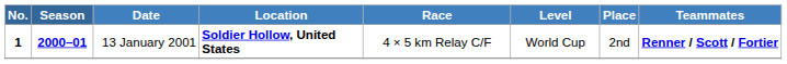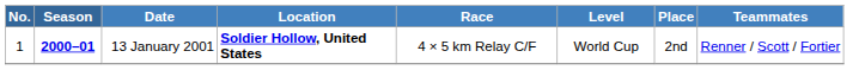 <table class="wikitable sortable" style="font-size:95%; text-align:center; border:grey solid 1px; border-collapse:collapse; background:#ffffff;">
 <tr style="background:#efefef;">
 <th style="background-color:#369; color:white;">No.</th>
 <th style="background-color:#369; color:white;">Season</th>
 <th style="background-color:#4180be; color:white; width:120px;">Date</th>
 <th style="background-color:#4180be; color:white; width:190px;">Location</th>
 <th style="background-color:#4180be; color:white; width:170px;">Race</th>
 <th style="background-color:#4180be; color:white; width:100px;">Level</th>
 <th style="background-color:#4180be; color:white;">Place</th>
 <th style="background-color:#4180be; color:white;">Teammates</th>
 </tr>
 <tr>
-<td align=center><strong>1</strong></td>
+<td align=center>1</td>
 <td rowspan=1 align=center><strong> <a href='#'>2000–01</a> </strong></td>
 <td align=right>13 January 2001</td>
 <td align=left><strong> <a href='#'>Soldier Hollow</a>, United States</strong></td>
 <td>4 × 5 km Relay C/F</td>
 <td>World Cup</td>
 <td>2nd</td>
-<td><strong><a href='#'>Renner</a> / <a href='#'>Scott</a> / <a href='#'>Fortier</a></strong></td>
+<td><a href='#'>Renner</a> / <a href='#'>Scott</a> / <a href='#'>Fortier</a></td>
 </tr>
 <tr>
 </tr>
 </table>
